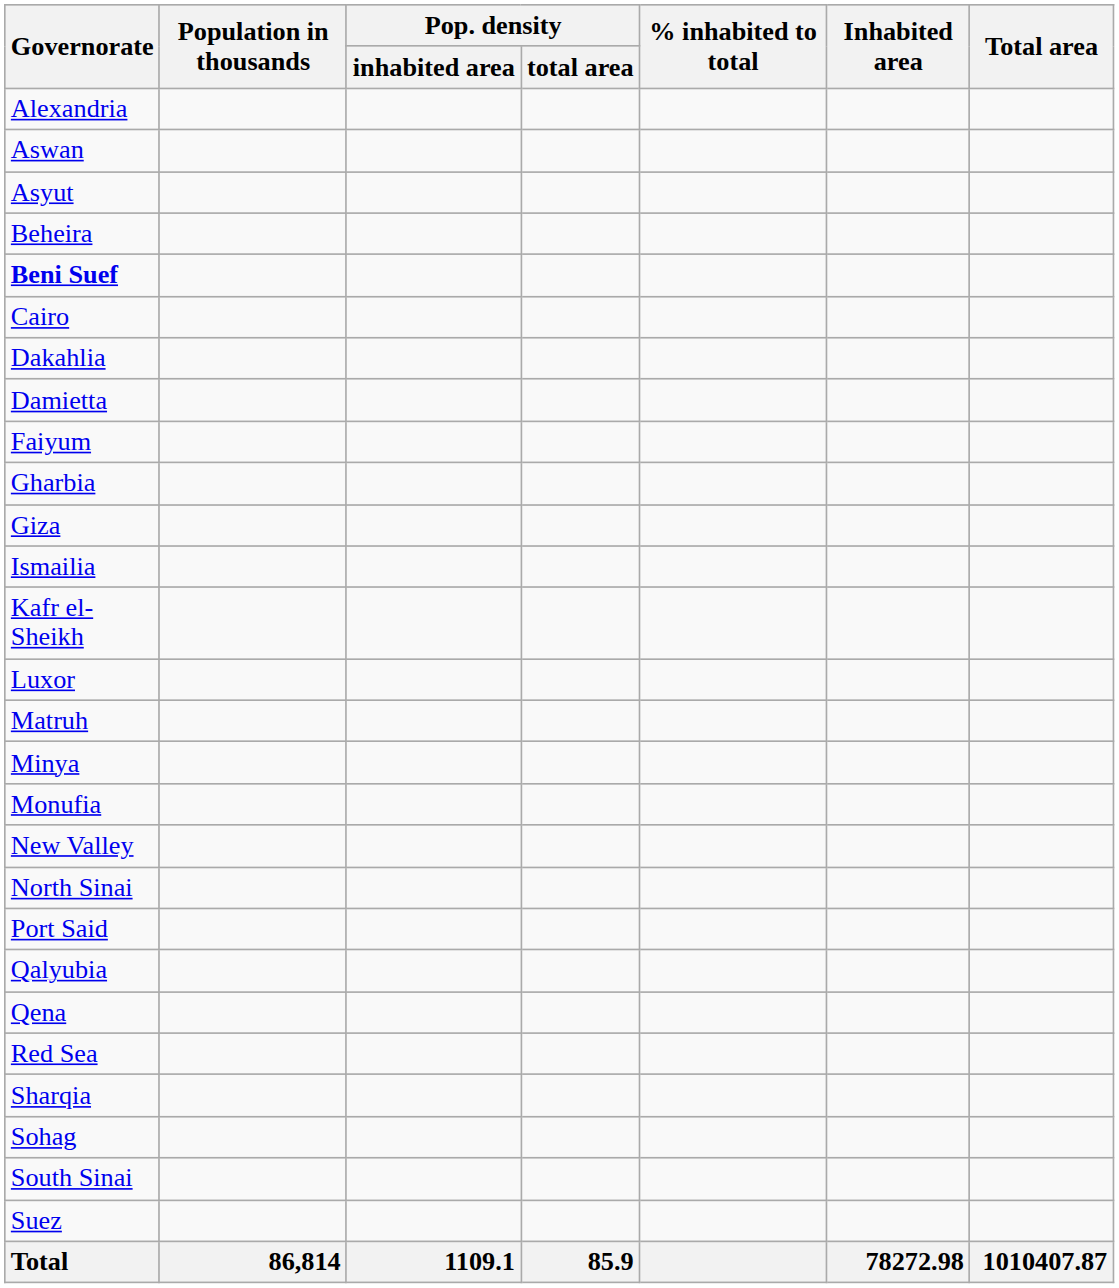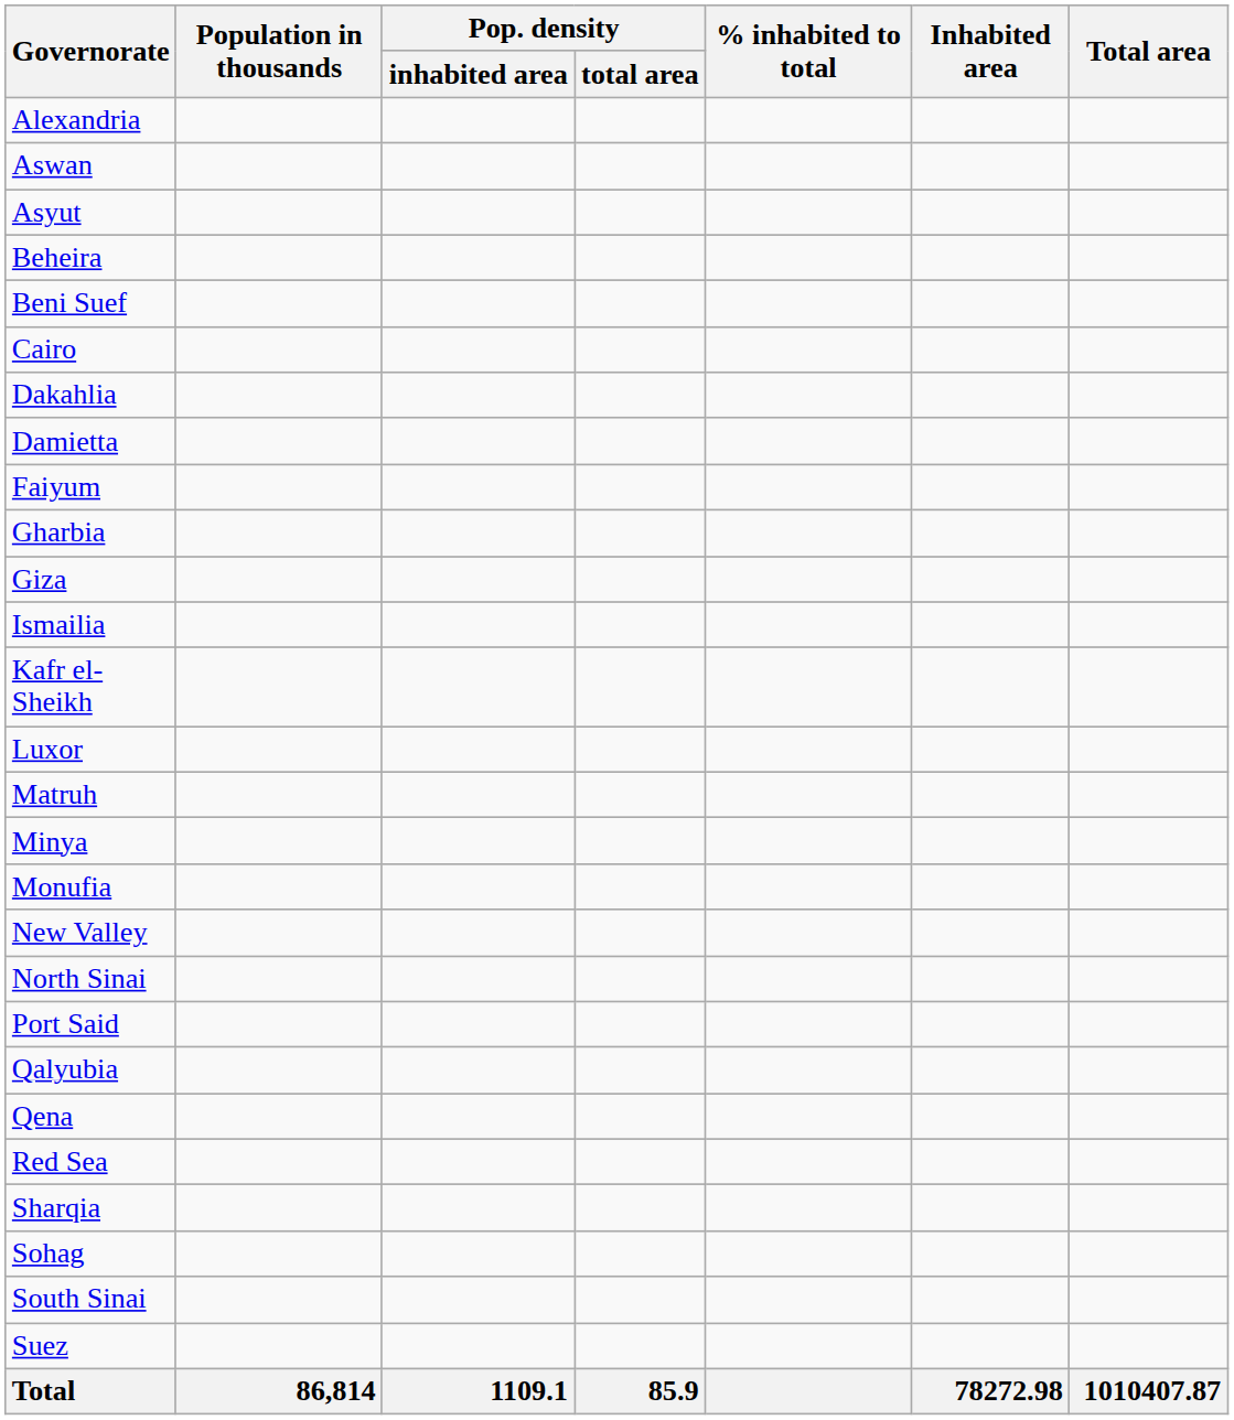 <table class="wikitable sortable">
 <tr>
 <th rowspan=2 style="width:60pt;">Governorate</th>
 <th rowspan=2 style="width:80pt;">Population in thousands</th>
 <th colspan=2 style="width:80pt;">Pop. density</th>
 <th rowspan=2 style="width:80pt;">% inhabited to total</th>
 <th rowspan=2 style="width:60pt;">Inhabited area</th>
 <th rowspan=2 style="width:60pt;">Total area</th>
 </tr>
 <tr>
 <th>inhabited area</th>
 <th>total area</th>
 </tr>
 <tr>
 <td><a href='#'>Alexandria</a></td>
 <td align = right></td>
 <td align = right></td>
 <td align = right></td>
 <td></td>
 <td align = right></td>
 <td align = right></td>
 </tr>
 <tr>
 <td><a href='#'>Aswan</a></td>
 <td align = right></td>
 <td align = right></td>
 <td align = right></td>
 <td></td>
 <td align = right></td>
 <td align = right></td>
 </tr>
 <tr>
 <td><a href='#'>Asyut</a></td>
 <td align = right></td>
 <td align = right></td>
 <td align = right></td>
 <td></td>
 <td align = right></td>
 <td align = right></td>
 </tr>
 <tr>
 <td><a href='#'>Beheira</a></td>
 <td align = right></td>
 <td align = right></td>
 <td align = right></td>
 <td></td>
 <td align = right></td>
 <td align = right></td>
 </tr>
 <tr>
-<td><strong><a href='#'>Beni Suef</a></strong></td>
+<td><a href='#'>Beni Suef</a></td>
 <td align = right></td>
 <td align = right></td>
 <td align = right></td>
 <td></td>
 <td align = right></td>
 <td align = right></td>
 </tr>
 <tr>
 <td><a href='#'>Cairo</a></td>
 <td align = right></td>
 <td align = right></td>
 <td align = right></td>
 <td></td>
 <td align = right></td>
 <td align = right></td>
 </tr>
 <tr>
 <td><a href='#'>Dakahlia</a></td>
 <td align = right></td>
 <td align = right></td>
 <td align = right></td>
 <td></td>
 <td align = right></td>
 <td align = right></td>
 </tr>
 <tr>
 <td><a href='#'>Damietta</a></td>
 <td align = right></td>
 <td align = right></td>
 <td align = right></td>
 <td></td>
 <td align = right></td>
 <td align = right></td>
 </tr>
 <tr>
 <td><a href='#'>Faiyum</a></td>
 <td align = right></td>
 <td align = right></td>
 <td align = right></td>
 <td></td>
 <td align = right></td>
 <td align = right></td>
 </tr>
 <tr>
 <td><a href='#'>Gharbia</a></td>
 <td align = right></td>
 <td align = right></td>
 <td align = right></td>
 <td></td>
 <td align = right></td>
 <td align = right></td>
 </tr>
 <tr>
 <td><a href='#'>Giza</a></td>
 <td align = right></td>
 <td align = right></td>
 <td align = right></td>
 <td></td>
 <td align = right></td>
 <td align = right></td>
 </tr>
 <tr>
 <td><a href='#'>Ismailia</a></td>
 <td align = right></td>
 <td align = right></td>
 <td align = right></td>
 <td></td>
 <td align = right></td>
 <td align = right></td>
 </tr>
 <tr>
 <td><a href='#'>Kafr el-Sheikh</a></td>
 <td align = right></td>
 <td align = right></td>
 <td align = right></td>
 <td></td>
 <td align = right></td>
 <td align = right></td>
 </tr>
 <tr>
 <td><a href='#'>Luxor</a></td>
 <td align = right></td>
 <td align = right></td>
 <td align = right></td>
 <td></td>
 <td align = right></td>
 <td align = right></td>
 </tr>
 <tr>
 <td><a href='#'>Matruh</a></td>
 <td align = right></td>
 <td align = right></td>
 <td align = right></td>
 <td></td>
 <td align = right></td>
 <td align = right></td>
 </tr>
 <tr>
 <td><a href='#'>Minya</a></td>
 <td align = right></td>
 <td align = right></td>
 <td align = right></td>
 <td></td>
 <td align = right></td>
 <td align = right></td>
 </tr>
 <tr>
 <td><a href='#'>Monufia</a></td>
 <td align = right></td>
 <td align = right></td>
 <td align = right></td>
 <td></td>
 <td align = right></td>
 <td align = right></td>
 </tr>
 <tr>
 <td><a href='#'>New Valley</a></td>
 <td align = right></td>
 <td align = right></td>
 <td align = right></td>
 <td></td>
 <td align = right></td>
 <td align = right></td>
 </tr>
 <tr>
 <td><a href='#'>North Sinai</a></td>
 <td align = right></td>
 <td align = right></td>
 <td align = right></td>
 <td></td>
 <td align = right></td>
 <td align = right></td>
 </tr>
 <tr>
 <td><a href='#'>Port Said</a></td>
 <td align = right></td>
 <td align = right></td>
 <td align = right></td>
 <td></td>
 <td align = right></td>
 <td align = right></td>
 </tr>
 <tr>
 <td><a href='#'>Qalyubia</a></td>
 <td align = right></td>
 <td align = right></td>
 <td align = right></td>
 <td></td>
 <td align = right></td>
 <td align = right></td>
 </tr>
 <tr>
 <td><a href='#'>Qena</a></td>
 <td align = right></td>
 <td align = right></td>
 <td align = right></td>
 <td></td>
 <td align = right></td>
 <td align = right></td>
 </tr>
 <tr>
 <td><a href='#'>Red Sea</a></td>
 <td align = right></td>
 <td align = right></td>
 <td align = right></td>
 <td></td>
 <td align = right></td>
 <td align = right></td>
 </tr>
 <tr>
 <td><a href='#'>Sharqia</a></td>
 <td align = right></td>
 <td align = right></td>
 <td align = right></td>
 <td></td>
 <td align = right></td>
 <td align = right></td>
 </tr>
 <tr>
 <td><a href='#'>Sohag</a></td>
 <td align = right></td>
 <td align = right></td>
 <td align = right></td>
 <td></td>
 <td align = right></td>
 <td align = right></td>
 </tr>
 <tr>
 <td><a href='#'>South Sinai</a></td>
 <td align = right></td>
 <td align = right></td>
 <td align = right></td>
 <td></td>
 <td align = right></td>
 <td align = right></td>
 </tr>
 <tr>
 <td><a href='#'>Suez</a></td>
 <td align = right></td>
 <td align = right></td>
 <td align = right></td>
 <td></td>
 <td align = right></td>
 <td align = right></td>
 </tr>
 <tr class="sortbottom">
 <th style="text-align:left;">Total</th>
 <th style="text-align:right;">86,814</th>
 <th style="text-align:right;">1109.1</th>
 <th style="text-align:right;">85.9</th>
 <th></th>
 <th style="text-align:right;">78272.98</th>
 <th style="text-align:right;">1010407.87</th>
 </tr>
 </table>
